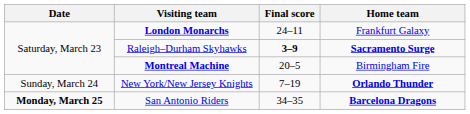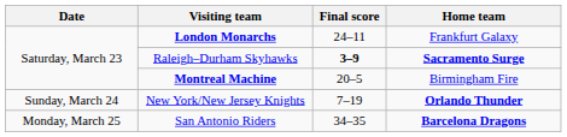 <table class="wikitable" style="font-size:95%; text-align:center">
 <tr>
 <th width="150">Date</th>
 <th width="200">Visiting team</th>
 <th width="80">Final score</th>
 <th width="200">Home team</th>
 </tr>
 <tr>
 <td rowspan="3">Saturday, March 23</td>
 <td><strong><a href='#'>London Monarchs</a></strong></td>
 <td>24–11</td>
 <td><a href='#'>Frankfurt Galaxy</a></td>
 </tr>
 <tr>
 <td><a href='#'>Raleigh–Durham Skyhawks</a></td>
 <td><strong>3–9</strong></td>
 <td><strong><a href='#'>Sacramento Surge</a></strong></td>
 </tr>
 <tr>
 <td><strong><a href='#'>Montreal Machine</a></strong></td>
 <td>20–5</td>
 <td><a href='#'>Birmingham Fire</a></td>
 </tr>
 <tr>
 <td>Sunday, March 24</td>
 <td><a href='#'>New York/New Jersey Knights</a></td>
 <td>7–19</td>
 <td><strong><a href='#'>Orlando Thunder</a></strong></td>
 </tr>
 <tr>
-<td><strong>Monday, March 25</strong></td>
+<td>Monday, March 25</td>
 <td><a href='#'>San Antonio Riders</a></td>
 <td>34–35</td>
 <td><strong><a href='#'>Barcelona Dragons</a></strong></td>
 </tr>
 </table>
